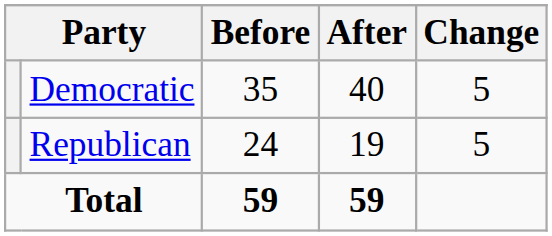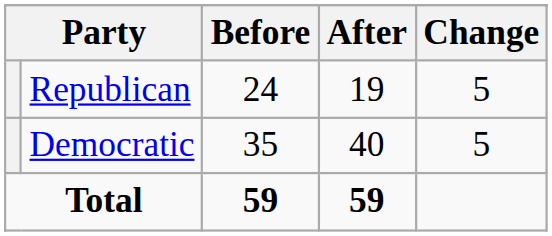 <table class="wikitable" style="text-align:center;">
 <tr>
 </tr>
 <tr>
 <th colspan=2>Party</th>
 <th>Before</th>
 <th>After</th>
 <th>Change</th>
 </tr>
 <tr>
 <th style="background-color:"></th>
-<td style="text-align:left;"><a href='#'>Democratic</a></td>
-<td>35</td>
-<td>40</td>
+<td style="text-align:left;"><a href='#'>Republican</a></td>
+<td>24</td>
+<td>19</td>
 <td> 5</td>
 </tr>
 <tr>
 <th style="background-color:"></th>
-<td style="text-align:left;"><a href='#'>Republican</a></td>
-<td>24</td>
-<td>19</td>
+<td style="text-align:left;"><a href='#'>Democratic</a></td>
+<td>35</td>
+<td>40</td>
 <td> 5</td>
 </tr>
 <tr>
 <td colspan=2><strong>Total</strong></td>
 <td><strong>59</strong></td>
 <td><strong>59</strong></td>
 <td></td>
 </tr>
 </table>
